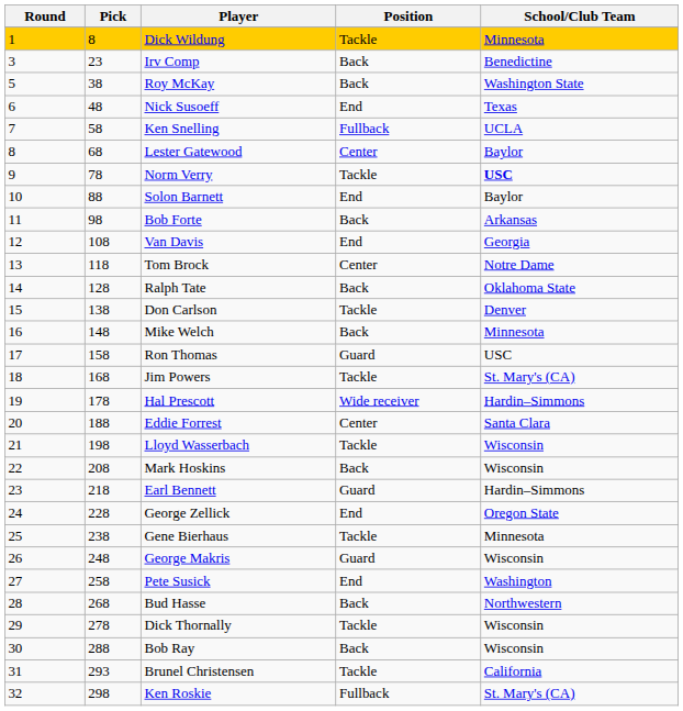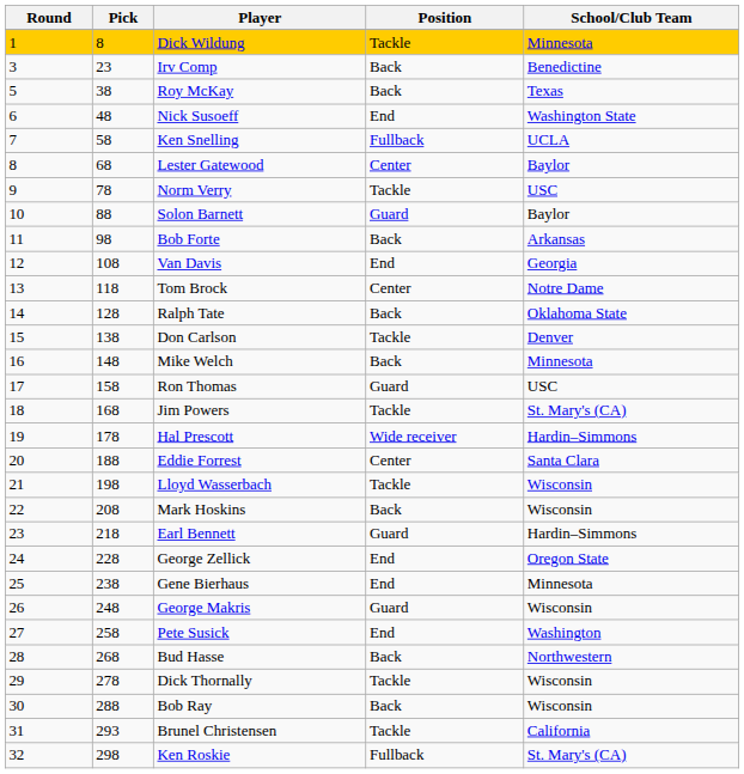 <table class="wikitable sortable sortable" width ="60%">
 <tr>
 <th>Round</th>
 <th>Pick</th>
 <th>Player</th>
 <th>Position</th>
 <th>School/Club Team</th>
 </tr>
 <tr>
 </tr>
 <tr bgcolor="#FFCC00">
 <td>1</td>
 <td>8</td>
 <td><a href='#'>Dick Wildung</a></td>
 <td>Tackle</td>
 <td><a href='#'>Minnesota</a></td>
 </tr>
 <tr>
 <td>3</td>
 <td>23</td>
 <td><a href='#'>Irv Comp</a></td>
 <td>Back</td>
 <td><a href='#'>Benedictine</a></td>
 </tr>
 <tr>
 <td>5</td>
 <td>38</td>
 <td><a href='#'>Roy McKay</a></td>
 <td>Back</td>
-<td><a href='#'>Washington State</a></td>
+<td><a href='#'>Texas</a></td>
 </tr>
 <tr>
 <td>6</td>
 <td>48</td>
 <td><a href='#'>Nick Susoeff</a></td>
 <td>End</td>
-<td><a href='#'>Texas</a></td>
+<td><a href='#'>Washington State</a></td>
 </tr>
 <tr>
 <td>7</td>
 <td>58</td>
 <td><a href='#'>Ken Snelling</a></td>
 <td><a href='#'>Fullback</a></td>
 <td><a href='#'>UCLA</a></td>
 </tr>
 <tr>
 <td>8</td>
 <td>68</td>
 <td><a href='#'>Lester Gatewood</a></td>
 <td><a href='#'>Center</a></td>
 <td><a href='#'>Baylor</a></td>
 </tr>
 <tr>
 <td>9</td>
 <td>78</td>
 <td><a href='#'>Norm Verry</a></td>
 <td>Tackle</td>
-<td><strong><a href='#'>USC</a></strong></td>
+<td><a href='#'>USC</a></td>
 </tr>
 <tr>
 <td>10</td>
 <td>88</td>
 <td><a href='#'>Solon Barnett</a></td>
-<td>End</td>
+<td><a href='#'>Guard</a></td>
 <td>Baylor</td>
 </tr>
 <tr>
 <td>11</td>
 <td>98</td>
 <td><a href='#'>Bob Forte</a></td>
 <td>Back</td>
 <td><a href='#'>Arkansas</a></td>
 </tr>
 <tr>
 <td>12</td>
 <td>108</td>
 <td><a href='#'>Van Davis</a></td>
 <td>End</td>
 <td><a href='#'>Georgia</a></td>
 </tr>
 <tr>
 <td>13</td>
 <td>118</td>
 <td>Tom Brock</td>
 <td>Center</td>
 <td><a href='#'>Notre Dame</a></td>
 </tr>
 <tr>
 <td>14</td>
 <td>128</td>
 <td>Ralph Tate</td>
 <td>Back</td>
 <td><a href='#'>Oklahoma State</a></td>
 </tr>
 <tr>
 <td>15</td>
 <td>138</td>
 <td>Don Carlson</td>
 <td>Tackle</td>
 <td><a href='#'>Denver</a></td>
 </tr>
 <tr>
 <td>16</td>
 <td>148</td>
 <td>Mike Welch</td>
 <td>Back</td>
 <td><a href='#'>Minnesota</a></td>
 </tr>
 <tr>
 <td>17</td>
 <td>158</td>
 <td>Ron Thomas</td>
 <td>Guard</td>
 <td>USC</td>
 </tr>
 <tr>
 <td>18</td>
 <td>168</td>
 <td>Jim Powers</td>
 <td>Tackle</td>
 <td><a href='#'>St. Mary's (CA)</a></td>
 </tr>
 <tr>
 <td>19</td>
 <td>178</td>
 <td><a href='#'>Hal Prescott</a></td>
 <td><a href='#'>Wide receiver</a></td>
 <td><a href='#'>Hardin–Simmons</a></td>
 </tr>
 <tr>
 <td>20</td>
 <td>188</td>
 <td><a href='#'>Eddie Forrest</a></td>
 <td>Center</td>
 <td><a href='#'>Santa Clara</a></td>
 </tr>
 <tr>
 <td>21</td>
 <td>198</td>
 <td><a href='#'>Lloyd Wasserbach</a></td>
 <td>Tackle</td>
 <td><a href='#'>Wisconsin</a></td>
 </tr>
 <tr>
 <td>22</td>
 <td>208</td>
 <td>Mark Hoskins</td>
 <td>Back</td>
 <td>Wisconsin</td>
 </tr>
 <tr>
 <td>23</td>
 <td>218</td>
 <td><a href='#'>Earl Bennett</a></td>
 <td>Guard</td>
 <td>Hardin–Simmons</td>
 </tr>
 <tr>
 <td>24</td>
 <td>228</td>
 <td>George Zellick</td>
 <td>End</td>
 <td><a href='#'>Oregon State</a></td>
 </tr>
 <tr>
 <td>25</td>
 <td>238</td>
 <td>Gene Bierhaus</td>
-<td>Tackle</td>
+<td>End</td>
 <td>Minnesota</td>
 </tr>
 <tr>
 <td>26</td>
 <td>248</td>
 <td><a href='#'>George Makris</a></td>
 <td>Guard</td>
 <td>Wisconsin</td>
 </tr>
 <tr>
 <td>27</td>
 <td>258</td>
 <td><a href='#'>Pete Susick</a></td>
 <td>End</td>
 <td><a href='#'>Washington</a></td>
 </tr>
 <tr>
 <td>28</td>
 <td>268</td>
 <td>Bud Hasse</td>
 <td>Back</td>
 <td><a href='#'>Northwestern</a></td>
 </tr>
 <tr>
 <td>29</td>
 <td>278</td>
 <td>Dick Thornally</td>
 <td>Tackle</td>
 <td>Wisconsin</td>
 </tr>
 <tr>
 <td>30</td>
 <td>288</td>
 <td>Bob Ray</td>
 <td>Back</td>
 <td>Wisconsin</td>
 </tr>
 <tr>
 <td>31</td>
 <td>293</td>
 <td>Brunel Christensen</td>
 <td>Tackle</td>
 <td><a href='#'>California</a></td>
 </tr>
 <tr>
 <td>32</td>
 <td>298</td>
 <td><a href='#'>Ken Roskie</a></td>
 <td>Fullback</td>
 <td><a href='#'>St. Mary's (CA)</a></td>
 </tr>
 </table>
